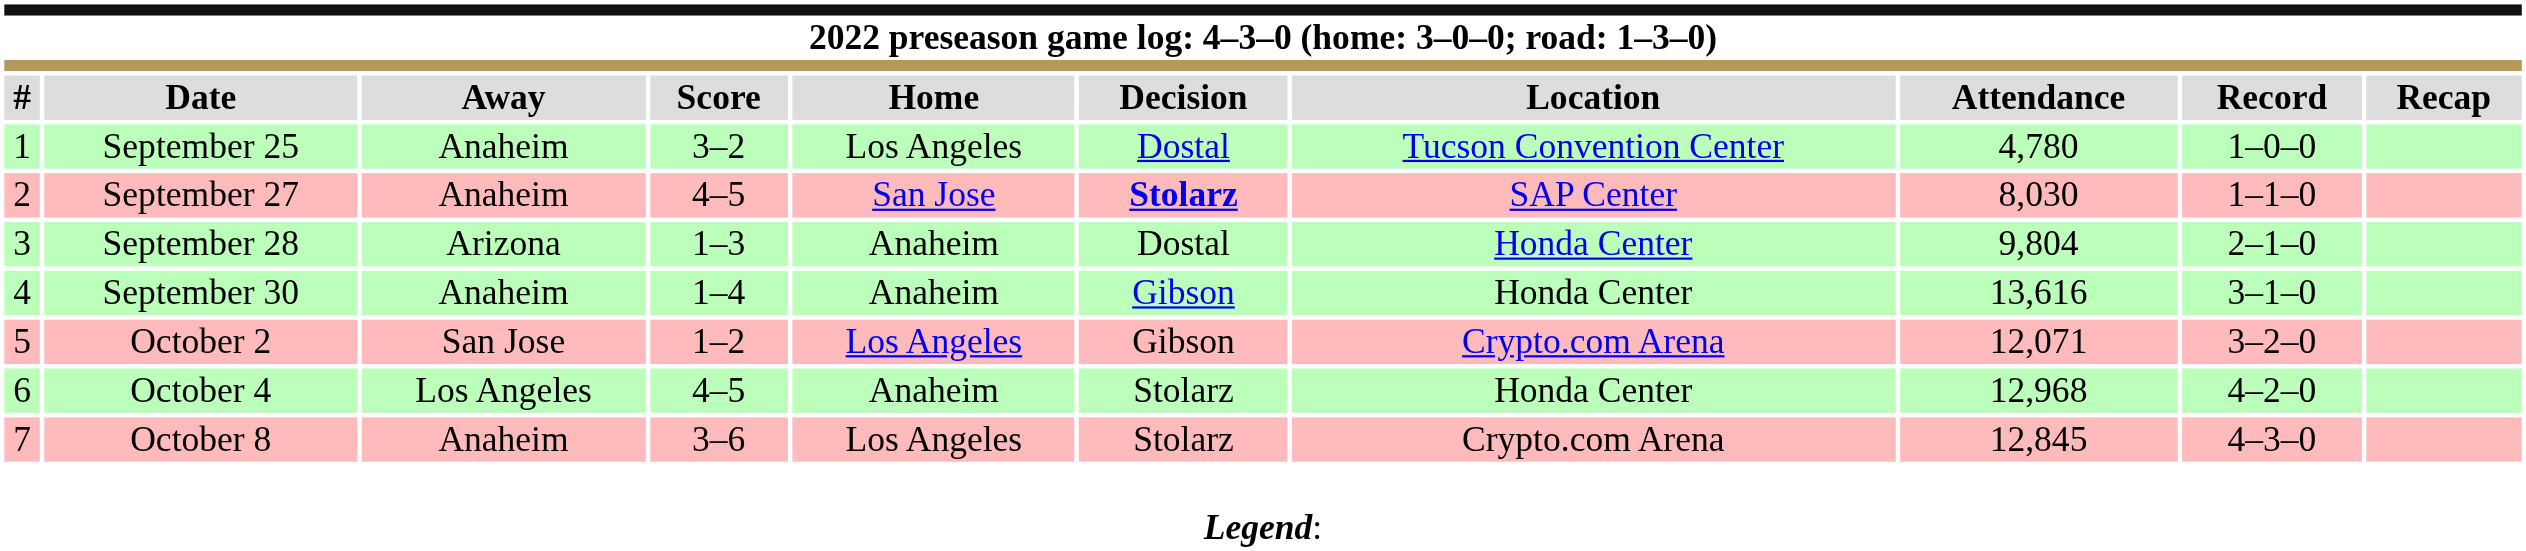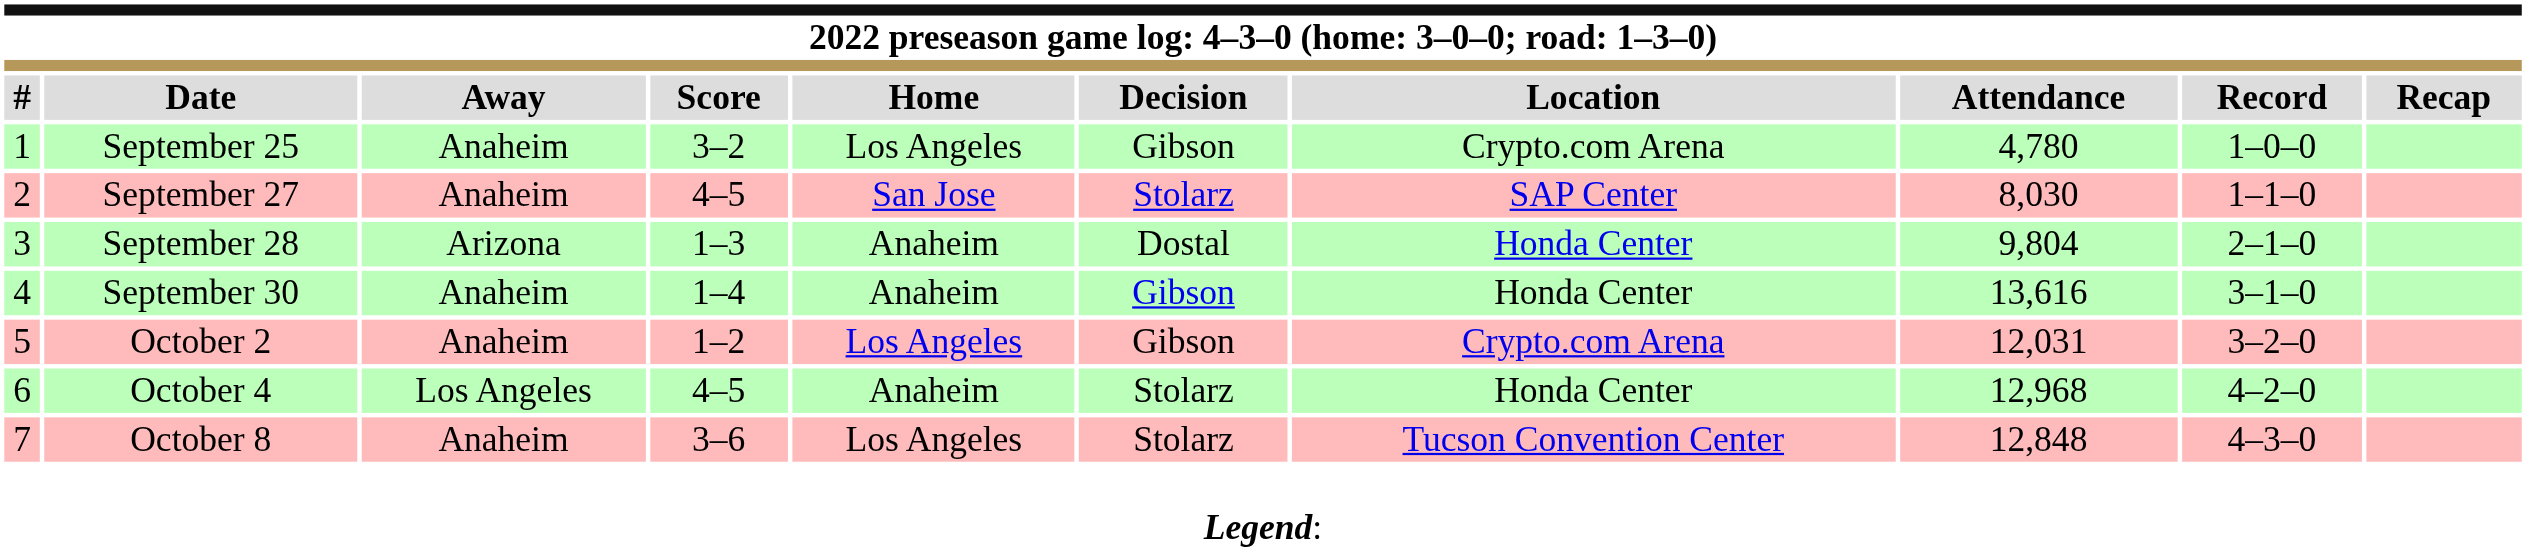 <table class="toccolours collapsible collapsed" style="width:90%; clear:both; margin:1.5em auto; text-align:center;">
 <tr>
 <th colspan="11" style="background:#FFFFFF; border-top:#111111 5px solid; border-bottom:#B5985A 5px solid;">2022 preseason game log: 4–3–0 (home: 3–0–0; road: 1–3–0)</th>
 </tr>
 <tr style="background:#ddd;">
 <th>#</th>
 <th>Date</th>
 <th>Away</th>
 <th>Score</th>
 <th>Home</th>
 <th>Decision</th>
 <th>Location</th>
 <th>Attendance</th>
 <th>Record</th>
 <th>Recap</th>
 </tr>
 <tr style="background:#bfb;">
 <td>1</td>
 <td>September 25</td>
 <td>Anaheim</td>
 <td>3–2</td>
 <td>Los Angeles</td>
-<td><a href='#'>Dostal</a></td>
-<td><a href='#'>Tucson Convention Center</a></td>
+<td>Gibson</td>
+<td>Crypto.com Arena</td>
 <td>4,780</td>
 <td>1–0–0</td>
 <td></td>
 </tr>
 <tr style="background:#fbb;">
 <td>2</td>
 <td>September 27</td>
 <td>Anaheim</td>
 <td>4–5</td>
 <td><a href='#'>San Jose</a></td>
-<td><strong><a href='#'>Stolarz</a></strong></td>
+<td><a href='#'>Stolarz</a></td>
 <td><a href='#'>SAP Center</a></td>
 <td>8,030</td>
 <td>1–1–0</td>
 <td></td>
 </tr>
 <tr style="background:#bfb;">
 <td>3</td>
 <td>September 28</td>
 <td>Arizona</td>
 <td>1–3</td>
 <td>Anaheim</td>
 <td>Dostal</td>
 <td><a href='#'>Honda Center</a></td>
 <td>9,804</td>
 <td>2–1–0</td>
 <td></td>
 </tr>
 <tr style="background:#bfb;">
 <td>4</td>
 <td>September 30</td>
 <td>Anaheim</td>
 <td>1–4</td>
 <td>Anaheim</td>
 <td><a href='#'>Gibson</a></td>
 <td>Honda Center</td>
 <td>13,616</td>
 <td>3–1–0</td>
 <td></td>
 </tr>
 <tr style="background:#fbb;">
 <td>5</td>
 <td>October 2</td>
-<td>San Jose</td>
+<td>Anaheim</td>
 <td>1–2</td>
 <td><a href='#'>Los Angeles</a></td>
 <td>Gibson</td>
 <td><a href='#'>Crypto.com Arena</a></td>
-<td>12,071</td>
+<td>12,031</td>
 <td>3–2–0</td>
 <td></td>
 </tr>
 <tr style="background:#bfb;">
 <td>6</td>
 <td>October 4</td>
 <td>Los Angeles</td>
 <td>4–5</td>
 <td>Anaheim</td>
 <td>Stolarz</td>
 <td>Honda Center</td>
 <td>12,968</td>
 <td>4–2–0</td>
 <td></td>
 </tr>
 <tr style="background:#fbb;">
 <td>7</td>
 <td>October 8</td>
 <td>Anaheim</td>
 <td>3–6</td>
 <td>Los Angeles</td>
 <td>Stolarz</td>
-<td>Crypto.com Arena</td>
-<td>12,845</td>
+<td><a href='#'>Tucson Convention Center</a></td>
+<td>12,848</td>
 <td>4–3–0</td>
 <td></td>
 </tr>
 <tr>
 <td colspan="11" style="text-align:center;"><br><strong><em>Legend</em></strong>:   </td>
 </tr>
 </table>
